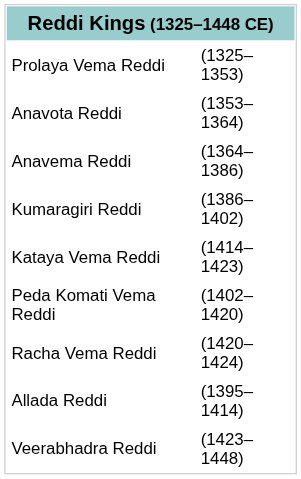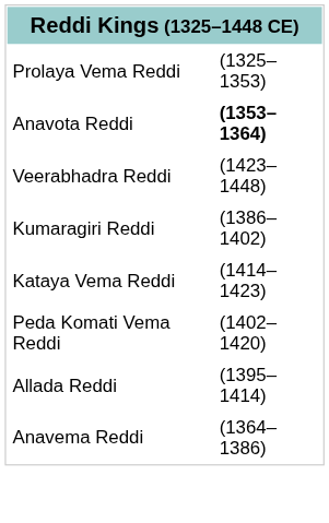 <table width="250" cellpadding="4" cellspacing="1" style="float: right; margin: 0 0 1em 1em; font-family: arial; font-size: 90%; background-color: ##F0F8FF; border: 1px solid #cccccc;">
 <tr>
 <td colspan="2" align="center" bgcolor="#99CCCC"><big><strong>Reddi Kings</strong></big> <strong>(1325–1448 CE)</strong></td>
 </tr>
 <tr>
 <td>Prolaya Vema Reddi</td>
 <td>(1325–1353)</td>
 </tr>
 <tr>
 <td>Anavota Reddi</td>
-<td>(1353–1364)</td>
+<td><strong>(1353–1364)</strong></td>
 </tr>
 <tr>
-<td>Anavema Reddi</td>
-<td>(1364–1386)</td>
+<td>Veerabhadra Reddi</td>
+<td>(1423–1448)</td>
 </tr>
 <tr>
 <td>Kumaragiri Reddi</td>
 <td>(1386–1402)</td>
 </tr>
 <tr>
 <td>Kataya Vema Reddi</td>
 <td>(1414–1423)</td>
 </tr>
 <tr>
 <td>Peda Komati Vema Reddi</td>
 <td>(1402–1420)</td>
 </tr>
 <tr>
-<td>Racha Vema Reddi</td>
-<td>(1420–1424)</td>
-</tr>
-<tr>
 <td>Allada Reddi</td>
 <td>(1395–1414)</td>
 </tr>
 <tr>
-<td>Veerabhadra Reddi</td>
-<td>(1423–1448)</td>
+<td>Anavema Reddi</td>
+<td>(1364–1386)</td>
 </tr>
 </table>
